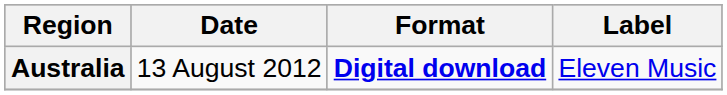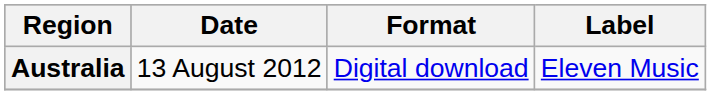 <table class="wikitable plainrowheaders">
 <tr>
 <th>Region</th>
 <th>Date</th>
 <th>Format</th>
 <th>Label</th>
 </tr>
 <tr>
 <th scope="row">Australia</th>
 <td>13 August 2012</td>
-<td><strong><a href='#'>Digital download</a></strong></td>
+<td><a href='#'>Digital download</a></td>
 <td><a href='#'>Eleven Music</a></td>
 </tr>
 <tr>
 </tr>
 </table>
